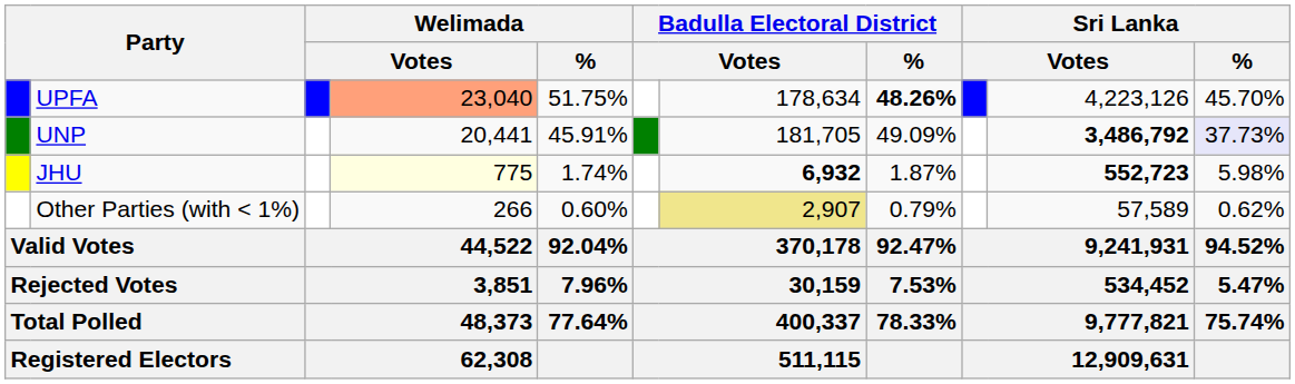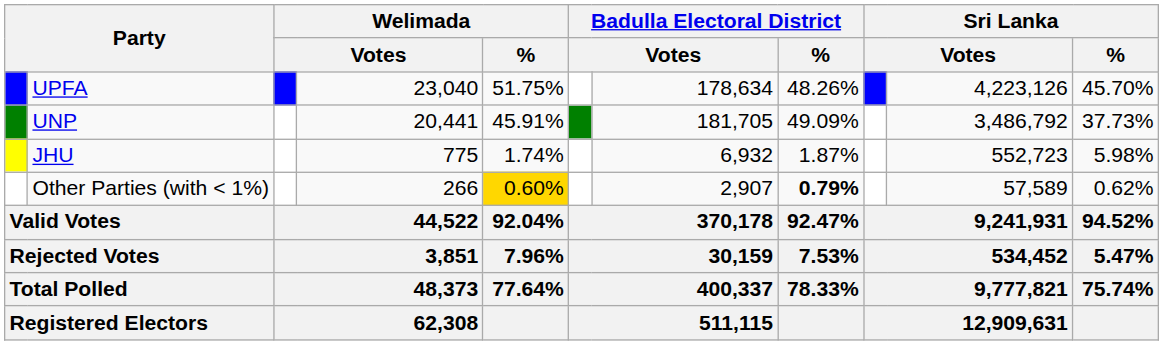 <table class="wikitable">
 <tr>
 <th colspan="2" width="144px"rowspan="2">Party</th>
 <th colspan="3" width="216px">Welimada</th>
 <th colspan="3" width="216px"><a href='#'>Badulla Electoral District</a></th>
 <th colspan="3" width="216px">Sri Lanka</th>
 </tr>
 <tr>
 <th colspan="2" width="144px">Votes</th>
 <th>%</th>
 <th colspan="2" width="144px">Votes</th>
 <th>%</th>
 <th colspan="2" width="144px">Votes</th>
 <th>%</th>
 </tr>
 <tr>
 <td style="background-color:blue;" width="10px"></td>
 <td style="text-align:left;"><a href='#'>UPFA</a></td>
 <td style="background-color:blue;" width="10px"></td>
-<td style="background: lightsalmon; text-align:right;">23,040</td>
+<td style="text-align:right;">23,040</td>
 <td style="text-align:right;">51.75%</td>
 <td style="background-color:white;" width="10px"></td>
 <td style="text-align:right;">178,634</td>
-<td style="text-align:right;"><strong>48.26%</strong></td>
+<td style="text-align:right;">48.26%</td>
 <td style="background-color:blue;" width="10px"></td>
 <td style="text-align:right;">4,223,126</td>
 <td style="text-align:right;">45.70%</td>
 </tr>
 <tr>
 <td style="background-color:green;" width="10px"></td>
 <td style="text-align:left;"><a href='#'>UNP</a></td>
 <td style="background-color:white;" width="10px"></td>
 <td style="text-align:right;">20,441</td>
 <td style="text-align:right;">45.91%</td>
 <td style="background-color:green;" width="10px"></td>
 <td style="text-align:right;">181,705</td>
 <td style="text-align:right;">49.09%</td>
 <td style="background-color:white;" width="10px"></td>
-<td style="text-align:right;"><strong>3,486,792</strong></td>
-<td style="background: lavender; text-align:right;">37.73%</td>
+<td style="text-align:right;">3,486,792</td>
+<td style="text-align:right;">37.73%</td>
 </tr>
 <tr>
 <td style="background-color:yellow;" width="10px"></td>
 <td style="text-align:left;"><a href='#'>JHU</a></td>
 <td style="background-color:white;" width="10px"></td>
-<td style="background: lightyellow; text-align:right;">775</td>
+<td style="text-align:right;">775</td>
 <td style="text-align:right;">1.74%</td>
 <td style="background-color:white;" width="10px"></td>
-<td style="text-align:right;"><strong>6,932</strong></td>
+<td style="text-align:right;">6,932</td>
 <td style="text-align:right;">1.87%</td>
 <td style="background-color:white;" width="10px"></td>
-<td style="text-align:right;"><strong>552,723</strong></td>
+<td style="text-align:right;">552,723</td>
 <td style="text-align:right;">5.98%</td>
 </tr>
 <tr>
 <td style="background-color:white;" width="10px"></td>
 <td style="text-align:left;">Other Parties (with < 1%)</td>
 <td style="background-color:white;" width="10px"></td>
 <td style="text-align:right;">266</td>
-<td style="text-align:right;">0.60%</td>
+<td style="background: gold; text-align:right;">0.60%</td>
 <td style="background-color:white;" width="10px"></td>
-<td style="background: khaki; text-align:right;">2,907</td>
-<td style="text-align:right;">0.79%</td>
+<td style="text-align:right;">2,907</td>
+<td style="text-align:right;"><strong>0.79%</strong></td>
 <td style="background-color:white;" width="10px"></td>
 <td style="text-align:right;">57,589</td>
 <td style="text-align:right;">0.62%</td>
 </tr>
 <tr>
 <th colspan="2" width="144px"style="text-align:left;">Valid Votes</th>
 <th style="text-align:right;"colspan="2" width="144px">44,522</th>
 <th style="text-align:right;">92.04%</th>
 <th style="text-align:right;"colspan="2" width="144px">370,178</th>
 <th style="text-align:right;">92.47%</th>
 <th style="text-align:right;"colspan="2" width="144px">9,241,931</th>
 <th style="text-align:right;">94.52%</th>
 </tr>
 <tr>
 <th colspan="2" width="144px"style="text-align:left;">Rejected Votes</th>
 <th style="text-align:right;"colspan="2" width="144px">3,851</th>
 <th style="text-align:right;">7.96%</th>
 <th style="text-align:right;"colspan="2" width="144px">30,159</th>
 <th style="text-align:right;">7.53%</th>
 <th style="text-align:right;"colspan="2" width="144px">534,452</th>
 <th style="text-align:right;">5.47%</th>
 </tr>
 <tr>
 <th colspan="2" width="144px"style="text-align:left;">Total Polled</th>
 <th style="text-align:right;"colspan="2" width="144px">48,373</th>
 <th style="text-align:right;">77.64%</th>
 <th style="text-align:right;"colspan="2" width="144px">400,337</th>
 <th style="text-align:right;">78.33%</th>
 <th style="text-align:right;"colspan="2" width="144px">9,777,821</th>
 <th style="text-align:right;">75.74%</th>
 </tr>
 <tr>
 <th colspan="2" width="144px"style="text-align:left;">Registered Electors</th>
 <th style="text-align:right;"colspan="2" width="144px">62,308</th>
 <th></th>
 <th style="text-align:right;"colspan="2" width="144px">511,115</th>
 <th></th>
 <th style="text-align:right;"colspan="2" width="144px">12,909,631</th>
 <th></th>
 </tr>
 </table>
